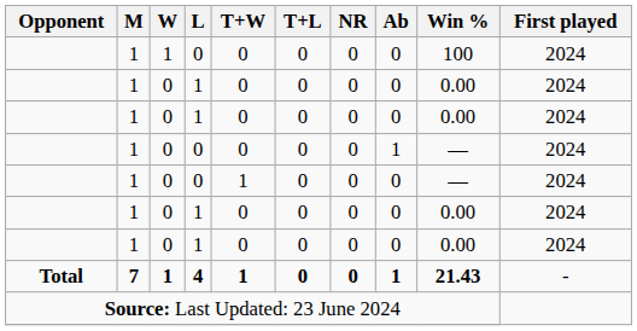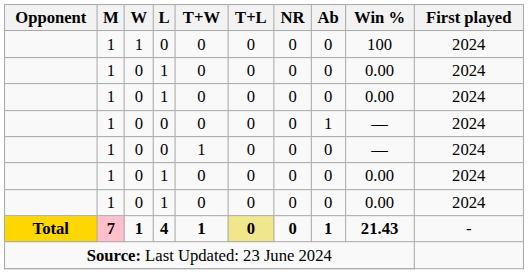 <table class="wikitable" style="text-align: center; width: 500px;">
 <tr>
 <th>Opponent</th>
 <th>M</th>
 <th>W</th>
 <th>L</th>
 <th>T+W</th>
 <th>T+L</th>
 <th>NR</th>
 <th>Ab</th>
 <th>Win %</th>
 <th>First played</th>
 </tr>
 <tr>
 <td align="left"></td>
 <td>1</td>
 <td>1</td>
 <td>0</td>
 <td>0</td>
 <td>0</td>
 <td>0</td>
 <td>0</td>
 <td>100</td>
 <td>2024</td>
 </tr>
 <tr>
 <td align="left"></td>
 <td>1</td>
 <td>0</td>
 <td>1</td>
 <td>0</td>
 <td>0</td>
 <td>0</td>
 <td>0</td>
 <td>0.00</td>
 <td>2024</td>
 </tr>
 <tr>
 <td align="left"></td>
 <td>1</td>
 <td>0</td>
 <td>1</td>
 <td>0</td>
 <td>0</td>
 <td>0</td>
 <td>0</td>
 <td>0.00</td>
 <td>2024</td>
 </tr>
 <tr>
 <td align="left"></td>
 <td>1</td>
 <td>0</td>
 <td>0</td>
 <td>0</td>
 <td>0</td>
 <td>0</td>
 <td>1</td>
 <td>—</td>
 <td>2024</td>
 </tr>
 <tr>
 <td align="left"></td>
 <td>1</td>
 <td>0</td>
 <td>0</td>
 <td>1</td>
 <td>0</td>
 <td>0</td>
 <td>0</td>
 <td>—</td>
 <td>2024</td>
 </tr>
 <tr>
 <td align="left"></td>
 <td>1</td>
 <td>0</td>
 <td>1</td>
 <td>0</td>
 <td>0</td>
 <td>0</td>
 <td>0</td>
 <td>0.00</td>
 <td>2024</td>
 </tr>
 <tr>
 <td align="left"></td>
 <td>1</td>
 <td>0</td>
 <td>1</td>
 <td>0</td>
 <td>0</td>
 <td>0</td>
 <td>0</td>
 <td>0.00</td>
 <td>2024</td>
 </tr>
 <tr>
-<td><strong>Total</strong></td>
-<td><strong>7</strong></td>
+<td style="background: gold;"><strong>Total</strong></td>
+<td style="background: pink;"><strong>7</strong></td>
 <td><strong>1</strong></td>
 <td><strong>4</strong></td>
 <td><strong>1</strong></td>
-<td><strong>0</strong></td>
+<td style="background: khaki;"><strong>0</strong></td>
 <td><strong>0</strong></td>
 <td><strong>1</strong></td>
 <td><strong>21.43</strong></td>
 <td>-</td>
 </tr>
 <tr>
 <td colspan="9"><strong>Source:</strong> Last Updated: 23 June 2024</td>
 </tr>
 <tr>
 </tr>
 </table>
